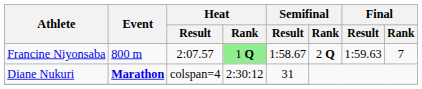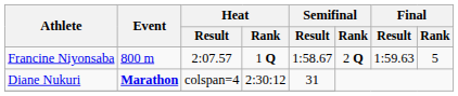 <table class="wikitable" style="font-size:90%">
 <tr>
 <th rowspan="2">Athlete</th>
 <th rowspan="2">Event</th>
 <th colspan="2">Heat</th>
 <th colspan="2">Semifinal</th>
 <th colspan="2">Final</th>
 </tr>
 <tr style="font-size:95%">
 <th>Result</th>
 <th>Rank</th>
 <th>Result</th>
 <th>Rank</th>
 <th>Result</th>
 <th>Rank</th>
 </tr>
 <tr align=center>
 <td align=left><a href='#'>Francine Niyonsaba</a></td>
 <td align=left><a href='#'>800 m</a></td>
 <td>2:07.57</td>
-<td style="background: lightgreen;">1 <strong>Q</strong></td>
+<td>1 <strong>Q</strong></td>
 <td>1:58.67</td>
 <td>2 <strong>Q</strong></td>
 <td>1:59.63</td>
-<td>7</td>
+<td>5</td>
 </tr>
 <tr align=center>
 <td align=left><a href='#'>Diane Nukuri</a></td>
 <td align=left><strong><a href='#'>Marathon</a></strong></td>
 <td>colspan=4 </td>
 <td>2:30:12</td>
 <td>31</td>
 </tr>
 <tr>
 </tr>
 </table>
